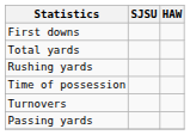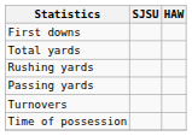 <table class="wikitable" style="float: left;">
 <tr>
 <th>Statistics</th>
 <th>SJSU</th>
 <th>HAW</th>
 </tr>
 <tr>
 <td>First downs</td>
 <td></td>
 <td></td>
 </tr>
 <tr>
 <td>Total yards</td>
 <td></td>
 <td></td>
 </tr>
 <tr>
 <td>Rushing yards</td>
 <td></td>
 <td></td>
 </tr>
 <tr>
-<td>Time of possession</td>
+<td>Passing yards</td>
 <td></td>
 <td></td>
 </tr>
 <tr>
 <td>Turnovers</td>
 <td></td>
 <td></td>
 </tr>
 <tr>
-<td>Passing yards</td>
+<td>Time of possession</td>
 <td></td>
 <td></td>
 </tr>
 <tr>
 </tr>
 </table>
